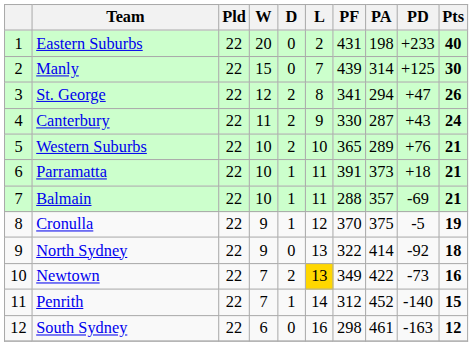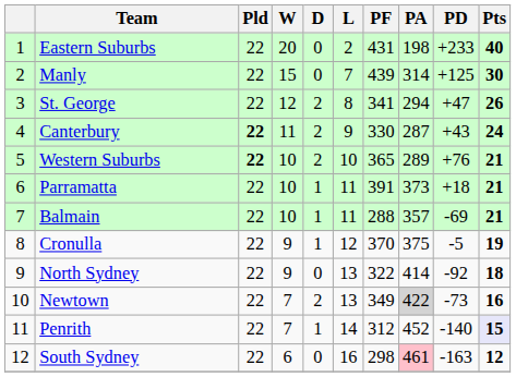 <table class="wikitable" style="text-align:center;">
 <tr>
 <th width=20 abbr="Position×"></th>
 <th width=175>Team</th>
 <th width=20 abbr="Played">Pld</th>
 <th width=20 abbr="Won">W</th>
 <th width=20 abbr="Drawn">D</th>
 <th width=20 abbr="Lost">L</th>
 <th width=20 abbr="Points for">PF</th>
 <th width=20 abbr="Points against">PA</th>
 <th width=20 abbr="Points difference">PD</th>
 <th width=20 abbr="Points">Pts</th>
 </tr>
 <tr style="background: #ccffcc;">
 <td>1</td>
 <td style="text-align:left;"> <a href='#'>Eastern Suburbs</a></td>
 <td>22</td>
 <td>20</td>
 <td>0</td>
 <td>2</td>
 <td>431</td>
 <td>198</td>
 <td>+233</td>
 <td><strong>40</strong></td>
 </tr>
 <tr style="background: #ccffcc;">
 <td>2</td>
 <td style="text-align:left;"> <a href='#'>Manly</a></td>
 <td>22</td>
 <td>15</td>
 <td>0</td>
 <td>7</td>
 <td>439</td>
 <td>314</td>
 <td>+125</td>
 <td><strong>30</strong></td>
 </tr>
 <tr style="background: #ccffcc;">
 <td>3</td>
 <td style="text-align:left;"> <a href='#'>St. George</a></td>
 <td>22</td>
 <td>12</td>
 <td>2</td>
 <td>8</td>
 <td>341</td>
 <td>294</td>
 <td>+47</td>
 <td><strong>26</strong></td>
 </tr>
 <tr style="background: #ccffcc;">
 <td>4</td>
 <td style="text-align:left;"> <a href='#'>Canterbury</a></td>
-<td>22</td>
+<td><strong>22</strong></td>
 <td>11</td>
 <td>2</td>
 <td>9</td>
 <td>330</td>
 <td>287</td>
 <td>+43</td>
 <td><strong>24</strong></td>
 </tr>
 <tr style="background: #ccffcc;">
 <td>5</td>
 <td style="text-align:left;"> <a href='#'>Western Suburbs</a></td>
-<td>22</td>
+<td><strong>22</strong></td>
 <td>10</td>
 <td>2</td>
 <td>10</td>
 <td>365</td>
 <td>289</td>
 <td>+76</td>
 <td><strong>21</strong></td>
 </tr>
 <tr style="background: #ccffcc;">
 <td>6</td>
 <td style="text-align:left;"> <a href='#'>Parramatta</a></td>
 <td>22</td>
 <td>10</td>
 <td>1</td>
 <td>11</td>
 <td>391</td>
 <td>373</td>
 <td>+18</td>
 <td><strong>21</strong></td>
 </tr>
 <tr style="background: #ccffcc;">
 <td>7</td>
 <td style="text-align:left;"> <a href='#'>Balmain</a></td>
 <td>22</td>
 <td>10</td>
 <td>1</td>
 <td>11</td>
 <td>288</td>
 <td>357</td>
 <td>-69</td>
 <td><strong>21</strong></td>
 </tr>
 <tr>
 <td>8</td>
 <td style="text-align:left;"> <a href='#'>Cronulla</a></td>
 <td>22</td>
 <td>9</td>
 <td>1</td>
 <td>12</td>
 <td>370</td>
 <td>375</td>
 <td>-5</td>
 <td><strong>19</strong></td>
 </tr>
 <tr>
 <td>9</td>
 <td style="text-align:left;"> <a href='#'>North Sydney</a></td>
 <td>22</td>
 <td>9</td>
 <td>0</td>
 <td>13</td>
 <td>322</td>
 <td>414</td>
 <td>-92</td>
 <td><strong>18</strong></td>
 </tr>
 <tr>
 <td>10</td>
 <td style="text-align:left;"> <a href='#'>Newtown</a></td>
 <td>22</td>
 <td>7</td>
 <td>2</td>
-<td style="background: gold;">13</td>
+<td>13</td>
 <td>349</td>
-<td>422</td>
+<td style="background: lightgrey;">422</td>
 <td>-73</td>
 <td><strong>16</strong></td>
 </tr>
 <tr>
 <td>11</td>
 <td style="text-align:left;"> <a href='#'>Penrith</a></td>
 <td>22</td>
 <td>7</td>
 <td>1</td>
 <td>14</td>
 <td>312</td>
 <td>452</td>
 <td>-140</td>
-<td><strong>15</strong></td>
+<td style="background: lavender;"><strong>15</strong></td>
 </tr>
 <tr>
 <td>12</td>
 <td style="text-align:left;"> <a href='#'>South Sydney</a></td>
 <td>22</td>
 <td>6</td>
 <td>0</td>
 <td>16</td>
 <td>298</td>
-<td>461</td>
+<td style="background: pink;">461</td>
 <td>-163</td>
 <td><strong>12</strong></td>
 </tr>
 <tr>
 </tr>
 </table>
